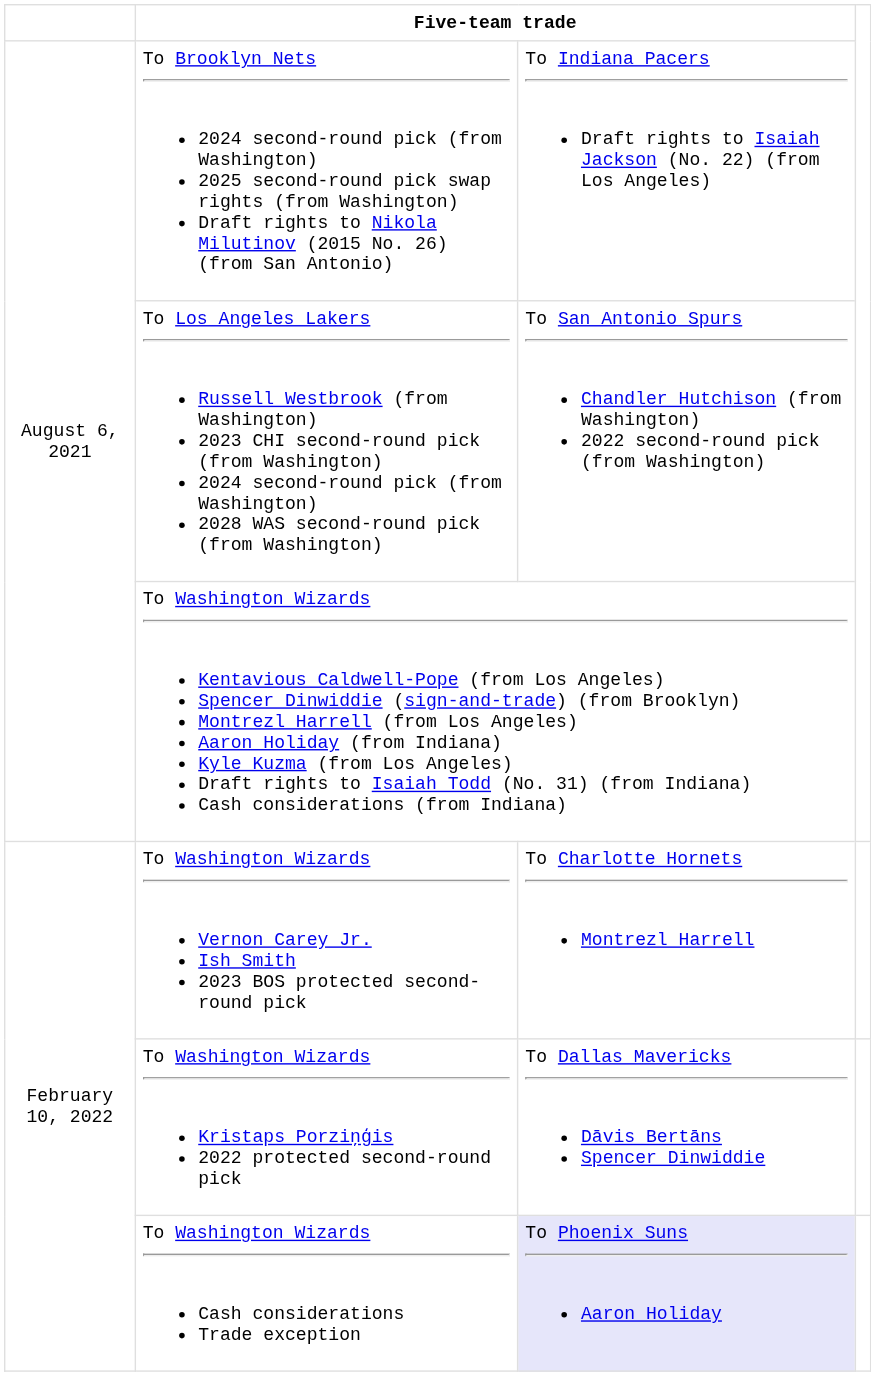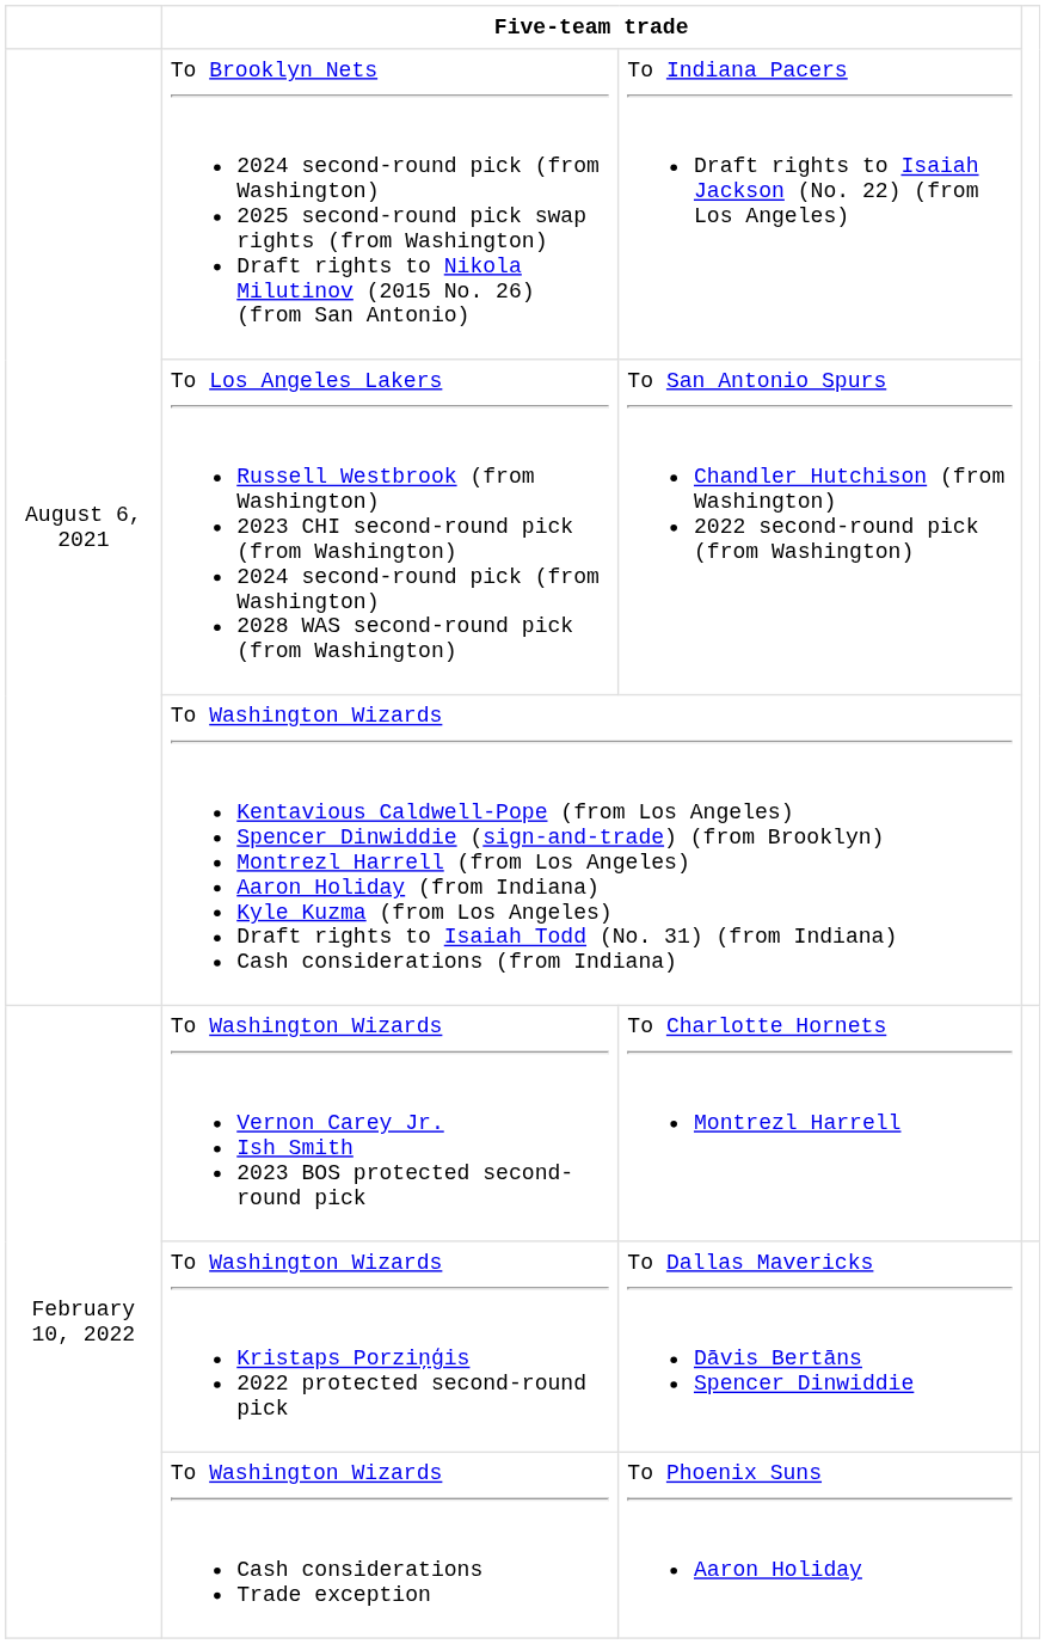 <table border="1" style="border-collapse:collapse; text-align: center; width: 100%" cellpadding="5" bordercolor="#DFDFDF">
 <tr>
 <td></td>
 <td colspan=2><strong>Five-team trade</strong></td>
 <td rowspan=4></td>
 </tr>
 <tr>
 <td rowspan="3">August 6, 2021</td>
 <td align="left" valign="top">To <a href='#'>Brooklyn Nets</a><hr><br><ul><li>2024 second-round pick (from Washington)</li><li>2025 second-round pick swap rights (from Washington)</li><li>Draft rights to <a href='#'>Nikola Milutinov</a> (2015 No. 26) (from San Antonio)</li></ul></td>
 <td align="left" valign="top">To <a href='#'>Indiana Pacers</a><hr><br><ul><li>Draft rights to <a href='#'>Isaiah Jackson</a> (No. 22) (from Los Angeles)</li></ul></td>
 </tr>
 <tr>
 <td align="left" valign="top">To <a href='#'>Los Angeles Lakers</a><hr><br><ul><li><a href='#'>Russell Westbrook</a> (from Washington)</li><li>2023 CHI second-round pick (from Washington)</li><li>2024 second-round pick (from Washington)</li><li>2028 WAS second-round pick (from Washington)</li></ul></td>
 <td align="left" valign="top">To <a href='#'>San Antonio Spurs</a><hr><br><ul><li><a href='#'>Chandler Hutchison</a> (from Washington)</li><li>2022 second-round pick (from Washington)</li></ul></td>
 </tr>
 <tr>
 <td colspan=2 align="left" valign="top">To <a href='#'>Washington Wizards</a><hr><br><ul><li><a href='#'>Kentavious Caldwell-Pope</a> (from Los Angeles)</li><li><a href='#'>Spencer Dinwiddie</a> (<a href='#'>sign-and-trade</a>) (from Brooklyn)</li><li><a href='#'>Montrezl Harrell</a> (from Los Angeles)</li><li><a href='#'>Aaron Holiday</a> (from Indiana)</li><li><a href='#'>Kyle Kuzma</a> (from Los Angeles)</li><li>Draft rights to <a href='#'>Isaiah Todd</a> (No. 31) (from Indiana)</li><li>Cash considerations (from Indiana)</li></ul></td>
 </tr>
 <tr>
 <td rowspan="3">February 10, 2022</td>
 <td align="left" valign="top">To <a href='#'>Washington Wizards</a><hr><br><ul><li><a href='#'>Vernon Carey Jr.</a></li><li><a href='#'>Ish Smith</a></li><li>2023 BOS protected second-round pick</li></ul></td>
 <td align="left" valign="top">To <a href='#'>Charlotte Hornets</a><hr><br><ul><li><a href='#'>Montrezl Harrell</a></li></ul></td>
 <td></td>
 </tr>
 <tr>
 <td align="left" valign="top">To <a href='#'>Washington Wizards</a><hr><br><ul><li><a href='#'>Kristaps Porziņģis</a></li><li>2022 protected second-round pick</li></ul></td>
 <td align="left" valign="top">To <a href='#'>Dallas Mavericks</a><hr><br><ul><li><a href='#'>Dāvis Bertāns</a></li><li><a href='#'>Spencer Dinwiddie</a></li></ul></td>
 <td></td>
 </tr>
 <tr>
 <td align="left" valign="top">To <a href='#'>Washington Wizards</a><hr><br><ul><li>Cash considerations</li><li>Trade exception</li></ul></td>
-<td align="left" valign="top" style="background: lavender;">To <a href='#'>Phoenix Suns</a><hr><br><ul><li><a href='#'>Aaron Holiday</a></li></ul></td>
+<td align="left" valign="top">To <a href='#'>Phoenix Suns</a><hr><br><ul><li><a href='#'>Aaron Holiday</a></li></ul></td>
 <td></td>
 </tr>
 </table>
